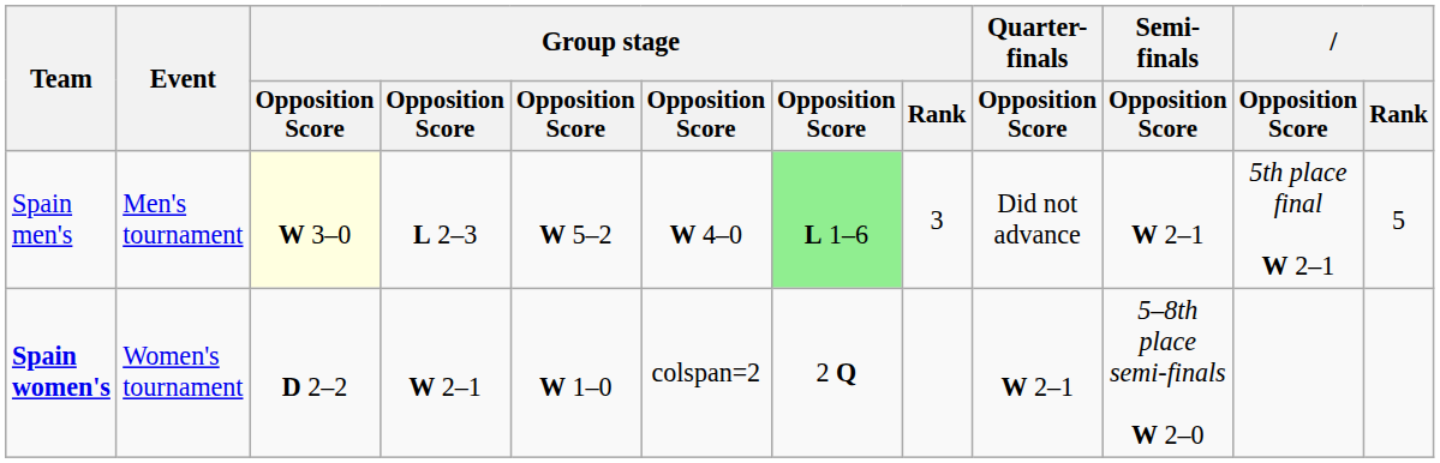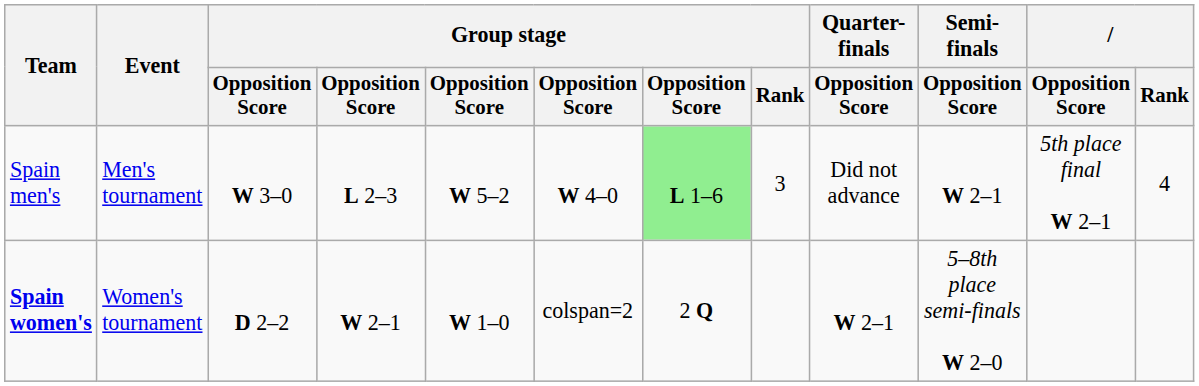 <table class="wikitable" style="font-size:90%">
 <tr>
 <th rowspan=2>Team</th>
 <th rowspan=2>Event</th>
 <th colspan=6>Group stage</th>
 <th>Quarter-finals</th>
 <th>Semi-finals</th>
 <th colspan=2> / </th>
 </tr>
 <tr style="font-size:95%">
 <th>Opposition<br>Score</th>
 <th>Opposition<br>Score</th>
 <th>Opposition<br>Score</th>
 <th>Opposition<br>Score</th>
 <th>Opposition<br>Score</th>
 <th>Rank</th>
 <th>Opposition<br>Score</th>
 <th>Opposition<br>Score</th>
 <th>Opposition<br>Score</th>
 <th>Rank</th>
 </tr>
 <tr align=center>
 <td align=left><a href='#'>Spain men's</a></td>
 <td align=left><a href='#'>Men's tournament</a></td>
-<td style="background: lightyellow;"><br><strong>W</strong> 3–0</td>
+<td><br><strong>W</strong> 3–0</td>
 <td><br><strong>L</strong> 2–3</td>
 <td><br><strong>W</strong> 5–2</td>
 <td><br><strong>W</strong> 4–0</td>
 <td style="background: lightgreen;"><br><strong>L</strong> 1–6</td>
 <td>3</td>
 <td>Did not advance</td>
 <td><br><strong>W</strong> 2–1</td>
 <td><em>5th place final</em><br><br><strong>W</strong> 2–1</td>
-<td>5</td>
+<td>4</td>
 </tr>
 <tr align=center>
 <td align=left><strong><a href='#'>Spain women's</a></strong></td>
 <td align=left><a href='#'>Women's tournament</a></td>
 <td><br><strong>D</strong> 2–2</td>
 <td><br><strong>W</strong> 2–1</td>
 <td><br><strong>W</strong> 1–0</td>
 <td>colspan=2 </td>
 <td>2 <strong>Q</strong></td>
 <td></td>
 <td><br><strong>W</strong> 2–1</td>
 <td><em>5–8th place semi-finals</em><br><br><strong>W</strong> 2–0</td>
 <td></td>
 </tr>
 </table>
